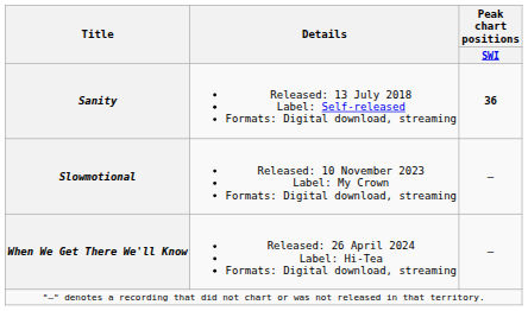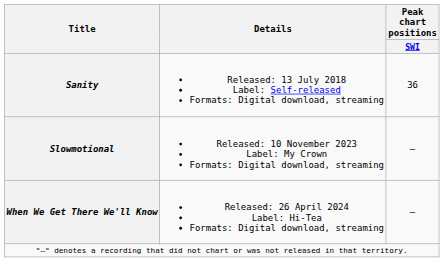 <table class="wikitable plainrowheaders" style="text-align:center">
 <tr>
 <th scope="col" rowspan="2">Title</th>
 <th scope="col" rowspan="2">Details</th>
 <th scope="col" colspan="1">Peak chart positions</th>
 </tr>
 <tr>
 <th scope="col" style="width:2.5em;font-size:90%;"><a href='#'>SWI</a><br></th>
 </tr>
 <tr>
 <th scope="row"><em>Sanity</em></th>
 <td><br><ul><li>Released: 13 July 2018</li><li>Label: <a href='#'>Self-released</a></li><li>Formats: Digital download, streaming</li></ul></td>
-<td><strong>36</strong></td>
+<td>36</td>
 </tr>
 <tr>
 <th scope="row"><em>Slowmotional</em></th>
 <td><br><ul><li>Released: 10 November 2023</li><li>Label: My Crown</li><li>Formats: Digital download, streaming</li></ul></td>
 <td>—</td>
 </tr>
 <tr>
 <th scope="row"><em>When We Get There We'll Know</em></th>
 <td><br><ul><li>Released: 26 April 2024</li><li>Label: Hi-Tea</li><li>Formats: Digital download, streaming</li></ul></td>
 <td>—</td>
 </tr>
 <tr>
 <td colspan="4" style="font-size:85%">"—" denotes a recording that did not chart or was not released in that territory.</td>
 </tr>
 </table>
